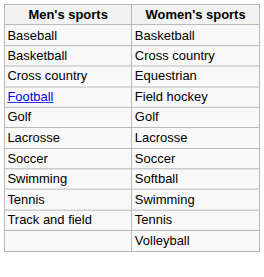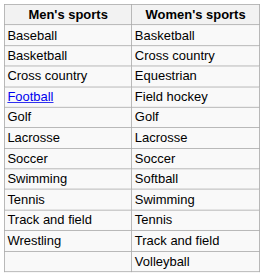 <table class="wikitable"; style=" ">
 <tr>
 <th width=150px>Men's sports</th>
 <th width=150px>Women's sports</th>
 </tr>
 <tr>
 <td>Baseball</td>
 <td>Basketball</td>
 </tr>
 <tr>
 <td>Basketball</td>
 <td>Cross country</td>
 </tr>
 <tr>
 <td>Cross country</td>
 <td>Equestrian</td>
 </tr>
 <tr>
 <td><a href='#'>Football</a></td>
 <td>Field hockey</td>
 </tr>
 <tr>
 <td>Golf</td>
 <td>Golf</td>
 </tr>
 <tr>
 <td>Lacrosse</td>
 <td>Lacrosse</td>
 </tr>
 <tr>
 <td>Soccer</td>
 <td>Soccer</td>
 </tr>
 <tr>
 <td>Swimming</td>
 <td>Softball</td>
 </tr>
 <tr>
 <td>Tennis</td>
 <td>Swimming</td>
 </tr>
 <tr>
 <td>Track and field</td>
 <td>Tennis</td>
 </tr>
 <tr>
+<td>Wrestling</td>
+<td>Track and field</td>
+</tr>
+<tr>
 <td></td>
 <td>Volleyball</td>
 </tr>
 </table>
